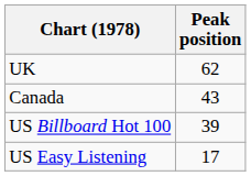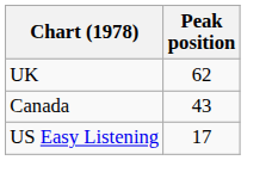 <table class="wikitable sortable">
 <tr>
 <th align="left">Chart (1978)</th>
 <th align="left">Peak<br>position</th>
 </tr>
 <tr>
 <td align="left">UK </td>
 <td style="text-align:center;">62</td>
 </tr>
 <tr>
 <td align="left">Canada </td>
 <td style="text-align:center;">43</td>
 </tr>
 <tr>
-<td align="left">US <a href='#'><em>Billboard</em> Hot 100</a></td>
-<td style="text-align:center;">39</td>
-</tr>
-<tr>
 <td align="left">US <a href='#'>Easy Listening</a></td>
 <td style="text-align:center;">17</td>
 </tr>
 </table>
